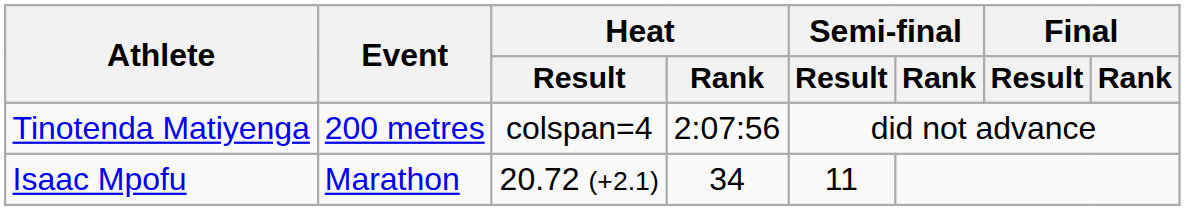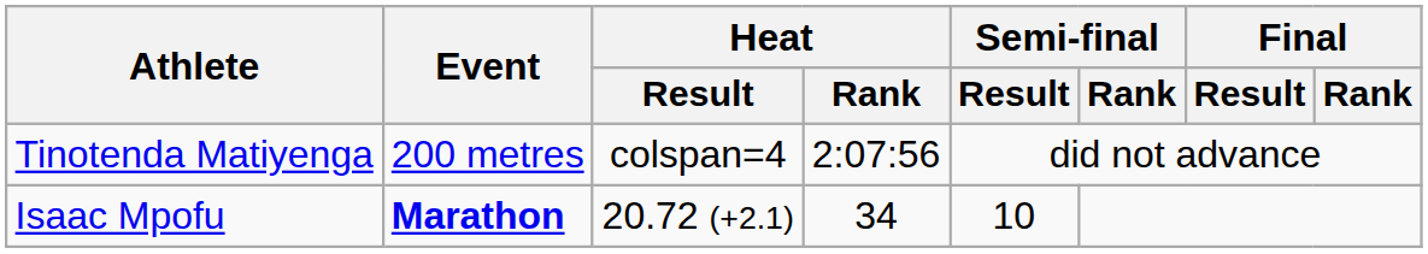 <table class=wikitable style=font-size:90%>
 <tr>
 <th rowspan=2>Athlete</th>
 <th rowspan=2>Event</th>
 <th colspan=2>Heat</th>
 <th colspan=2>Semi-final</th>
 <th colspan=2>Final</th>
 </tr>
 <tr style=font-size:95%>
 <th>Result</th>
 <th>Rank</th>
 <th>Result</th>
 <th>Rank</th>
 <th>Result</th>
 <th>Rank</th>
 </tr>
 <tr align=center>
 <td align=left><a href='#'>Tinotenda Matiyenga</a></td>
 <td align=left><a href='#'>200 metres</a></td>
 <td>colspan=4</td>
 <td>2:07:56 </td>
 <td colspan=4>did not advance</td>
 </tr>
 <tr align=center>
 <td align=left><a href='#'>Isaac Mpofu</a></td>
-<td align=left><a href='#'>Marathon</a></td>
+<td align=left><strong><a href='#'>Marathon</a></strong></td>
 <td>20.72 <small>(+2.1)</small></td>
 <td>34</td>
-<td>11</td>
+<td>10</td>
 </tr>
 </table>
